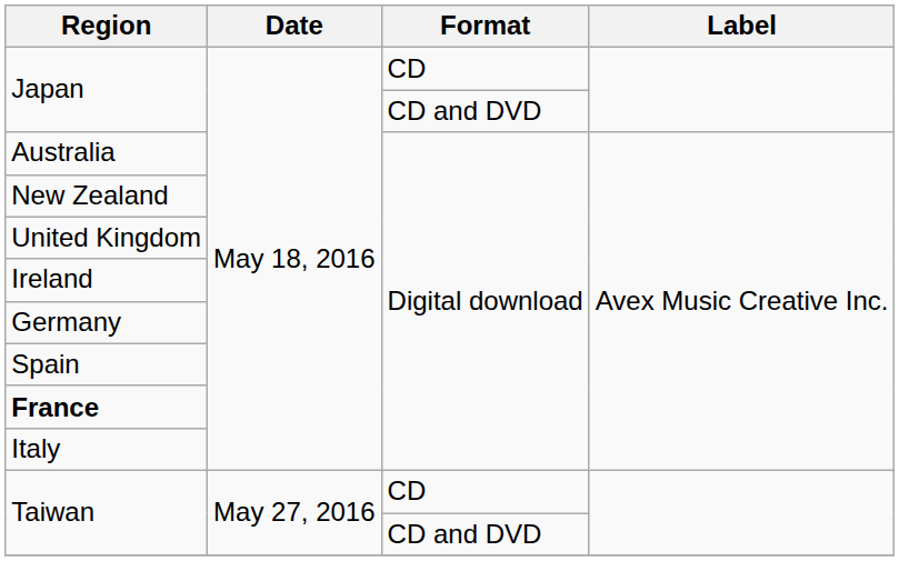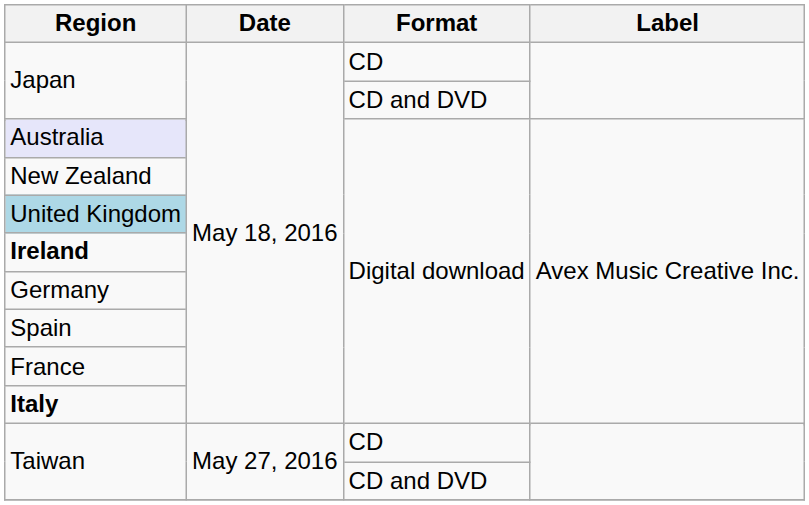 <table class="wikitable plainrowheaders">
 <tr>
 <th scope="col">Region</th>
 <th scope="col">Date</th>
 <th scope="col">Format</th>
 <th scope="col">Label</th>
 </tr>
 <tr>
 <td rowspan="3">Japan</td>
 <td rowspan="12">May 18, 2016</td>
 <td>CD</td>
 <td rowspan="2"></td>
 </tr>
 <tr>
 <td>CD and DVD</td>
 </tr>
 <tr>
 <td rowspan="10">Digital download</td>
 <td rowspan="10">Avex Music Creative Inc.</td>
 </tr>
 <tr>
-<td>Australia</td>
+<td style="background: lavender;">Australia</td>
 </tr>
 <tr>
 <td>New Zealand</td>
 </tr>
 <tr>
-<td>United Kingdom</td>
+<td style="background: lightblue;">United Kingdom</td>
 </tr>
 <tr>
-<td>Ireland</td>
+<td><strong>Ireland</strong></td>
 </tr>
 <tr>
 <td>Germany</td>
 </tr>
 <tr>
 <td>Spain</td>
 </tr>
 <tr>
-<td><strong>France</strong></td>
+<td>France</td>
 </tr>
 <tr>
-<td>Italy</td>
+<td><strong>Italy</strong></td>
 </tr>
 <tr>
 <td rowspan="3">Taiwan</td>
 </tr>
 <tr>
 <td rowspan="2">May 27, 2016</td>
 <td>CD</td>
 <td rowspan="2"></td>
 </tr>
 <tr>
 <td>CD and DVD</td>
 </tr>
 <tr>
 </tr>
 </table>
